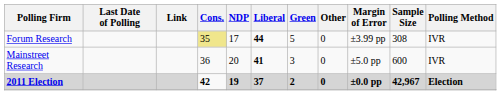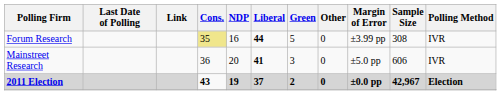 <table class="wikitable sortable">
 <tr style="background:#e9e9e9;">
 <th style="width:120px">Polling Firm</th>
 <th style="width:110px">Last Date<br>of Polling</th>
 <th style="width:60px" class="unsortable">Link</th>
 <th style="background-color:"><strong><a href='#'>Cons.</a></strong></th>
 <th style="background-color:"><strong><a href='#'>NDP</a></strong></th>
 <th style="background-color:"><strong><a href='#'>Liberal</a></strong></th>
 <th style="background-color:"><strong><a href='#'>Green</a></strong></th>
 <th style="background-color:"><strong>Other</strong></th>
 <th style="width:60px;" class=unsortable>Margin<br>of Error</th>
 <th style="width:50px;" class=unsortable>Sample<br>Size</th>
 <th class=unsortable>Polling Method</th>
 </tr>
 <tr>
 <td><a href='#'>Forum Research</a></td>
 <td></td>
 <td></td>
 <td style="background: khaki;">35</td>
-<td>17</td>
+<td>16</td>
 <td><strong>44</strong></td>
 <td>5</td>
 <td>0</td>
 <td>±3.99 pp</td>
 <td>308</td>
 <td>IVR</td>
 </tr>
 <tr>
 <td><a href='#'>Mainstreet Research</a></td>
 <td></td>
 <td></td>
 <td>36</td>
 <td>20</td>
 <td><strong>41</strong></td>
 <td>3</td>
 <td>0</td>
 <td>±5.0 pp</td>
-<td>600</td>
+<td>606</td>
 <td>IVR</td>
 </tr>
 <tr>
 <td style="background:#D5D5D5"><strong><a href='#'>2011 Election</a></strong></td>
 <td style="background:#D5D5D5"><strong></strong></td>
 <td style="background:#D5D5D5"></td>
-<td><strong>42</strong></td>
+<td><strong>43</strong></td>
 <td style="background:#D5D5D5"><strong>19</strong></td>
 <td style="background:#D5D5D5"><strong>37</strong></td>
 <td style="background:#D5D5D5"><strong>2</strong></td>
 <td style="background:#D5D5D5"><strong>0</strong></td>
 <td style="background:#D5D5D5"><strong>±0.0 pp</strong></td>
 <td style="background:#D5D5D5"><strong>42,967</strong></td>
 <td style="background:#D5D5D5"><strong>Election</strong></td>
 </tr>
 <tr>
 </tr>
 <tr>
 </tr>
 </table>
